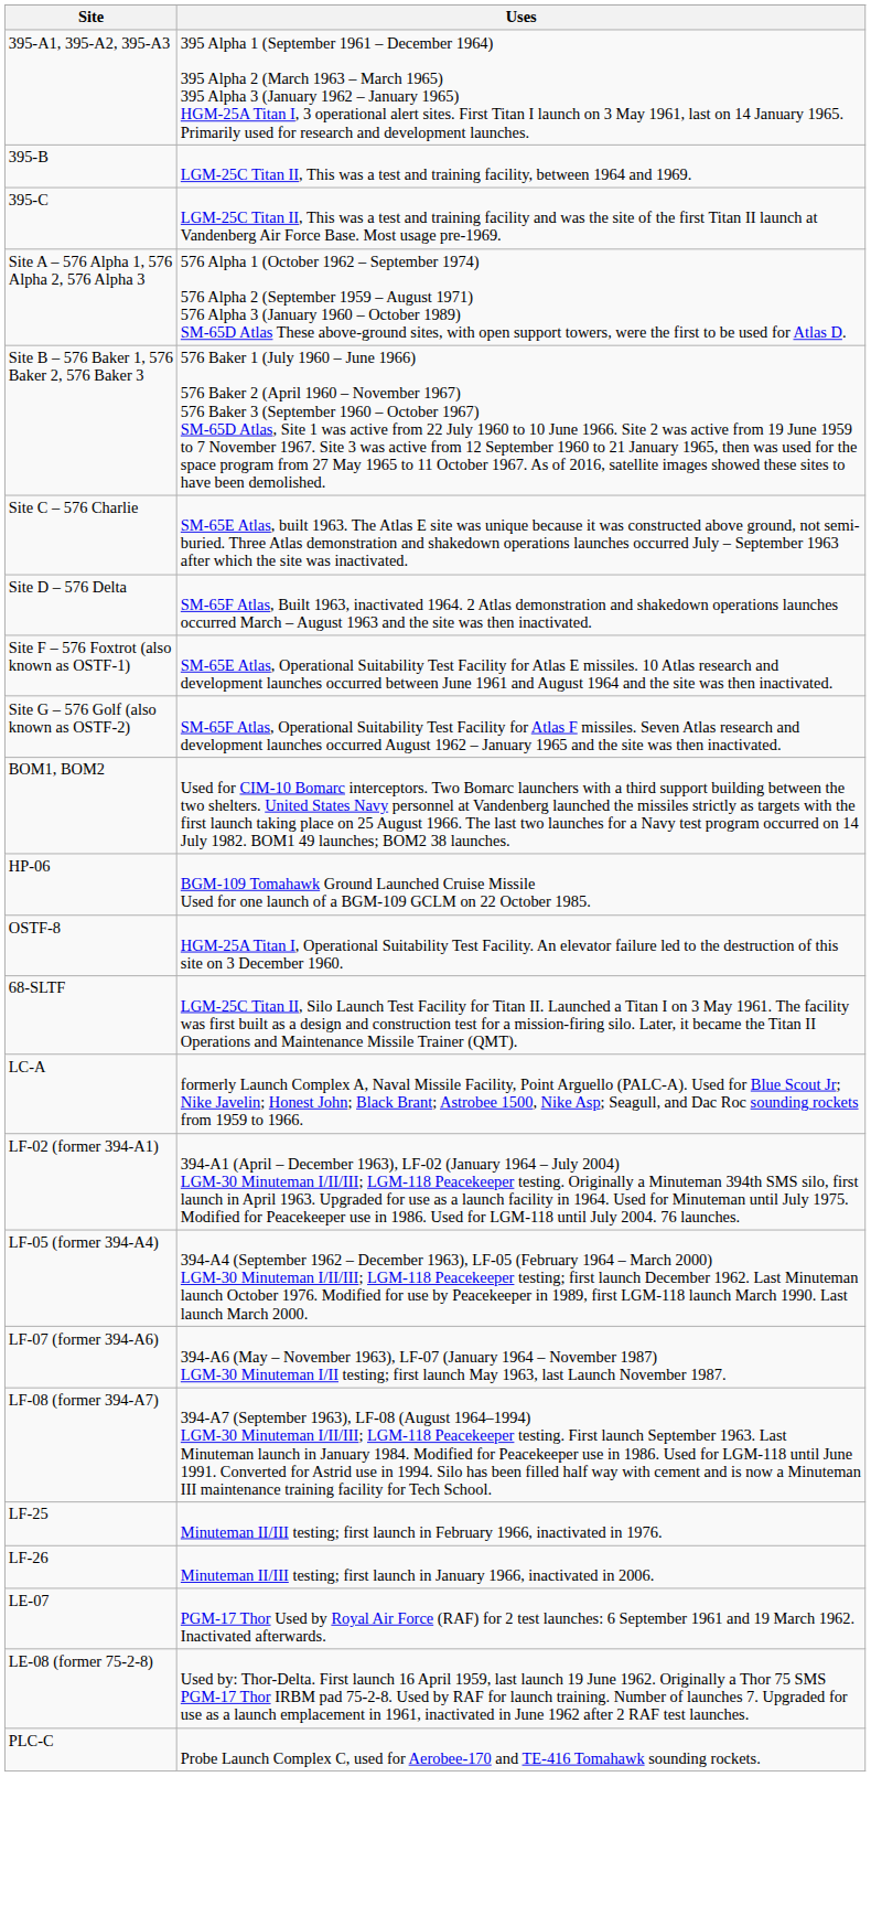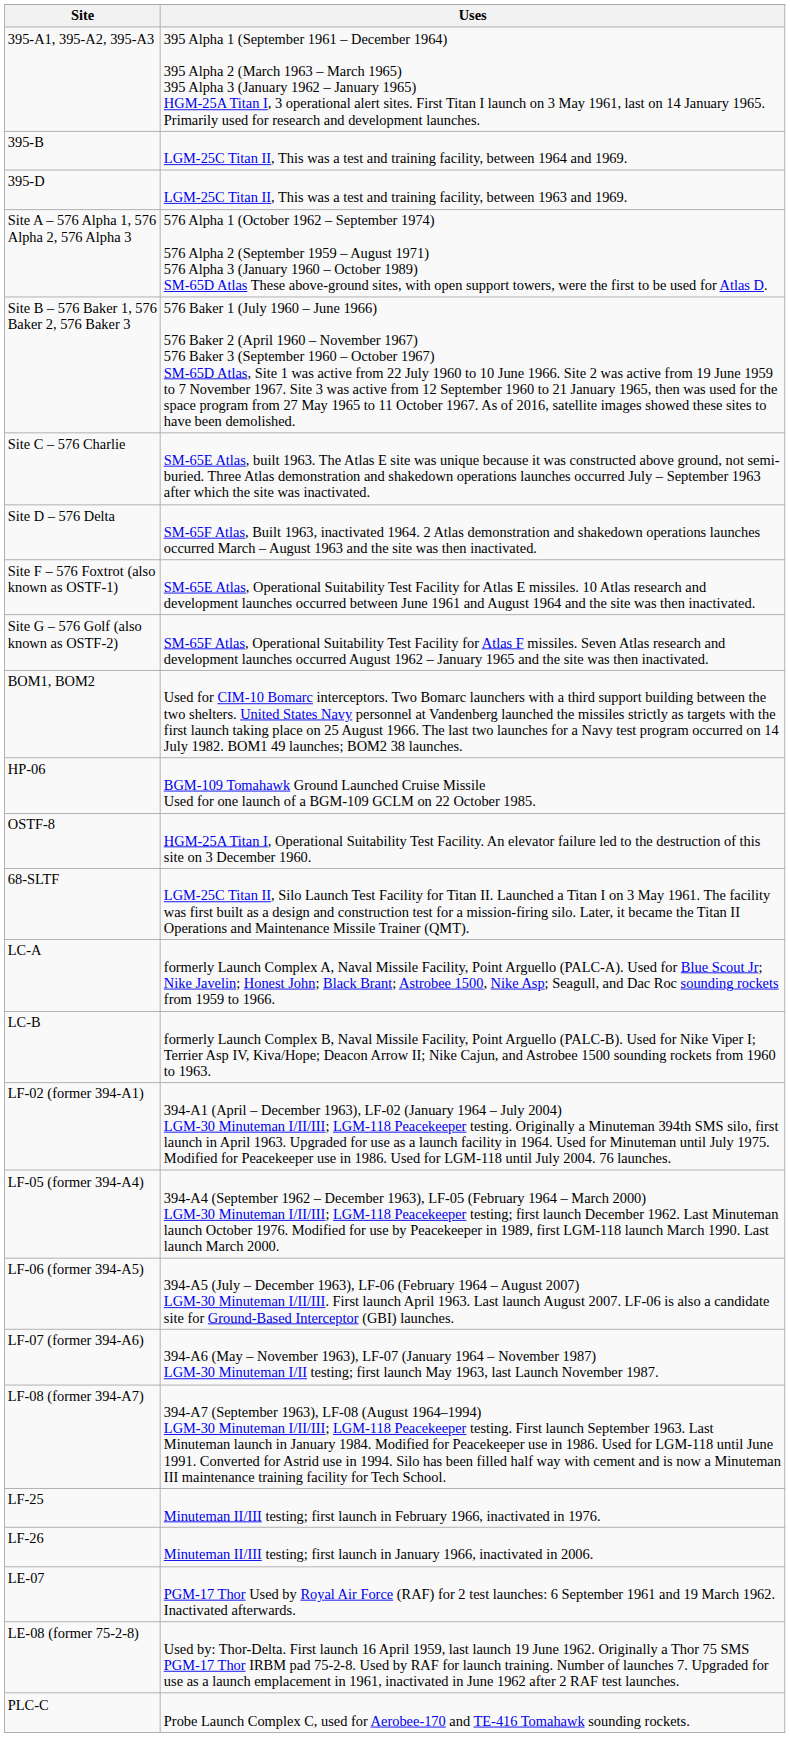 <table class="wikitable">
 <tr>
 </tr>
 <tr>
 <th>Site</th>
 <th style="width:80%;">Uses</th>
 </tr>
 <tr valign="top">
 <td>395-A1, 395-A2, 395-A3</td>
 <td> 395 Alpha 1 (September 1961 – December 1964)<br><br> 395 Alpha 2 (March 1963 – March 1965)<br>  395 Alpha 3 (January 1962 – January 1965)<br><a href='#'>HGM-25A Titan I</a>, 3 operational alert sites. First Titan I launch on 3 May 1961, last on 14 January 1965. Primarily used for research and development launches.</td>
 </tr>
 <tr valign="top">
 <td>395-B</td>
 <td><br><a href='#'>LGM-25C Titan II</a>, This was a test and training facility, between 1964 and 1969.</td>
 </tr>
 <tr valign="top">
-<td>395-C</td>
-<td><br><a href='#'>LGM-25C Titan II</a>, This was a test and training facility and was the site of the first Titan II launch at Vandenberg Air Force Base. Most usage pre-1969.</td>
+<td>395-D</td>
+<td><br><a href='#'>LGM-25C Titan II</a>, This was a test and training facility, between 1963 and 1969.</td>
 </tr>
 <tr valign="top">
 <td>Site A – 576 Alpha 1, 576 Alpha 2, 576 Alpha 3</td>
 <td> 576 Alpha 1 (October 1962 – September 1974)<br><br> 576 Alpha 2 (September 1959 – August 1971)<br>  576 Alpha 3 (January 1960 – October 1989)<br> <a href='#'>SM-65D Atlas</a> These above-ground sites, with open support towers, were the first to be used for <a href='#'>Atlas D</a>.</td>
 </tr>
 <tr valign="top">
 <td>Site B – 576 Baker 1, 576 Baker 2, 576 Baker 3</td>
 <td> 576 Baker 1 (July 1960 – June 1966)<br><br> 576 Baker 2 (April 1960 – November 1967)<br>  576 Baker 3 (September 1960 – October 1967)<br> <a href='#'>SM-65D Atlas</a>, Site 1 was active from 22 July 1960 to 10 June 1966. Site 2 was active from 19 June 1959 to 7 November 1967. Site 3 was active from 12 September 1960 to 21 January 1965, then was used for the space program from 27 May 1965 to 11 October 1967. As of 2016, satellite images showed these sites to have been demolished.</td>
 </tr>
 <tr valign="top">
 <td>Site C – 576 Charlie</td>
 <td><br><a href='#'>SM-65E Atlas</a>, built 1963. The Atlas E site was unique because it was constructed above ground, not semi-buried. Three Atlas demonstration and shakedown operations launches occurred July – September 1963 after which the site was inactivated.</td>
 </tr>
 <tr valign="top">
 <td>Site D – 576 Delta</td>
 <td><br><a href='#'>SM-65F Atlas</a>, Built 1963, inactivated 1964.  2 Atlas demonstration and shakedown operations launches occurred March – August 1963 and the site was then inactivated.</td>
 </tr>
 <tr valign="top">
 <td>Site F – 576 Foxtrot (also known as OSTF-1)</td>
 <td><br><a href='#'>SM-65E Atlas</a>, Operational Suitability Test Facility for Atlas E missiles. 10 Atlas research and development launches occurred between June 1961 and August 1964 and the site was then inactivated.</td>
 </tr>
 <tr valign="top">
 <td>Site G – 576 Golf (also known as OSTF-2)</td>
 <td><br><a href='#'>SM-65F Atlas</a>, Operational Suitability Test Facility for <a href='#'>Atlas F</a> missiles. Seven Atlas research and development launches occurred August 1962 – January 1965 and the site was then inactivated.</td>
 </tr>
 <tr valign="top">
 <td>BOM1, BOM2</td>
 <td><br>Used for <a href='#'>CIM-10 Bomarc</a> interceptors. Two Bomarc launchers with a third support building between the two shelters. <a href='#'>United States Navy</a> personnel at Vandenberg launched the missiles strictly as targets with the first launch taking place on 25 August 1966. The last two launches for a Navy test program occurred on 14 July 1982. BOM1 49 launches; BOM2 38 launches.</td>
 </tr>
 <tr valign="top">
 <td>HP-06</td>
 <td><br><a href='#'>BGM-109 Tomahawk</a> Ground Launched Cruise Missile<br>Used for one launch of a BGM-109 GCLM on 22 October 1985.</td>
 </tr>
 <tr valign="top">
 <td>OSTF-8</td>
 <td><br><a href='#'>HGM-25A Titan I</a>, Operational Suitability Test Facility. An elevator failure led to the destruction of this site on  3 December 1960.</td>
 </tr>
 <tr valign="top">
 <td>68-SLTF</td>
 <td><br><a href='#'>LGM-25C Titan II</a>, Silo Launch Test Facility for Titan II. Launched a Titan I on 3 May 1961. The facility was first built as a design and construction test for a mission-firing silo. Later, it became the Titan II Operations and Maintenance Missile Trainer (QMT).</td>
 </tr>
 <tr valign="top">
 <td>LC-A</td>
 <td><br>formerly Launch Complex A, Naval Missile Facility, Point Arguello (PALC-A). Used for <a href='#'>Blue Scout Jr</a>; <a href='#'>Nike Javelin</a>; <a href='#'>Honest John</a>; <a href='#'>Black Brant</a>; <a href='#'>Astrobee 1500</a>, <a href='#'>Nike Asp</a>; Seagull, and Dac Roc <a href='#'>sounding rockets</a> from 1959 to 1966.</td>
 </tr>
 <tr valign="top">
+<td>LC-B</td>
+<td><br>formerly Launch Complex B, Naval Missile Facility, Point Arguello (PALC-B). Used for Nike Viper I; Terrier Asp IV, Kiva/Hope; Deacon Arrow II; Nike Cajun, and Astrobee 1500 sounding rockets from 1960 to 1963.</td>
+</tr>
+<tr valign="top">
 <td>LF-02 (former 394-A1)</td>
 <td><br>394-A1 (April – December 1963), LF-02 (January 1964 – July 2004)<br><a href='#'>LGM-30 Minuteman I/II/III</a>; <a href='#'>LGM-118 Peacekeeper</a> testing. Originally a Minuteman 394th SMS silo, first launch in April 1963. Upgraded for use as a launch facility in 1964. Used for Minuteman until July 1975. Modified for Peacekeeper use in 1986. Used for LGM-118 until July 2004. 76 launches.</td>
 </tr>
 <tr valign="top">
 <td>LF-05 (former 394-A4)</td>
 <td><br>394-A4 (September 1962 – December 1963), LF-05 (February 1964 – March 2000)<br><a href='#'>LGM-30 Minuteman I/II/III</a>; <a href='#'>LGM-118 Peacekeeper</a> testing; first launch December 1962. Last Minuteman launch October 1976. Modified for use by Peacekeeper in 1989, first LGM-118 launch March 1990. Last launch March 2000.</td>
+</tr>
+<tr valign="top">
+<td>LF-06 (former 394-A5)</td>
+<td><br>394-A5 (July – December 1963), LF-06 (February 1964 – August 2007)<br><a href='#'>LGM-30 Minuteman I/II/III</a>. First launch April 1963. Last launch August 2007. LF-06 is also a candidate site for <a href='#'>Ground-Based Interceptor</a> (GBI) launches.</td>
 </tr>
 <tr valign="top">
 <td>LF-07 (former 394-A6)</td>
 <td><br>394-A6 (May – November 1963), LF-07 (January 1964 – November 1987)<br><a href='#'>LGM-30 Minuteman I/II</a> testing; first launch May 1963, last Launch November 1987.</td>
 </tr>
 <tr valign="top">
 <td>LF-08 (former 394-A7)</td>
 <td><br>394-A7 (September 1963), LF-08 (August 1964–1994)<br><a href='#'>LGM-30 Minuteman I/II/III</a>; <a href='#'>LGM-118 Peacekeeper</a> testing. First launch September 1963. Last Minuteman launch in January 1984. Modified for Peacekeeper use in 1986. Used for LGM-118 until June 1991. Converted for Astrid use in 1994. Silo has been filled half way with cement and is now a Minuteman III maintenance training facility for Tech School.</td>
 </tr>
 <tr valign="top">
 <td>LF-25</td>
 <td><br><a href='#'>Minuteman II/III</a> testing; first launch in February 1966, inactivated in 1976.</td>
 </tr>
 <tr valign="top">
 <td>LF-26</td>
 <td><br><a href='#'>Minuteman II/III</a> testing; first launch in January 1966, inactivated in 2006.</td>
 </tr>
 <tr valign="top">
 <td>LE-07</td>
 <td><br><a href='#'>PGM-17 Thor</a> Used by <a href='#'>Royal Air Force</a> (RAF) for 2 test launches: 6 September 1961 and 19 March 1962. Inactivated afterwards.</td>
 </tr>
 <tr valign="top">
 <td>LE-08 (former 75-2-8)</td>
 <td><br>Used by: Thor-Delta. First launch 16 April 1959, last launch 19 June 1962. Originally a Thor 75 SMS <a href='#'>PGM-17 Thor</a> IRBM pad 75-2-8. Used by RAF for launch training. Number of launches 7. Upgraded for use as a launch emplacement in 1961, inactivated in June 1962 after 2 RAF test launches.</td>
 </tr>
 <tr valign="top">
 <td>PLC-C</td>
 <td><br>Probe Launch Complex C, used for <a href='#'>Aerobee-170</a> and <a href='#'>TE-416 Tomahawk</a> sounding rockets.</td>
 </tr>
 </table>
